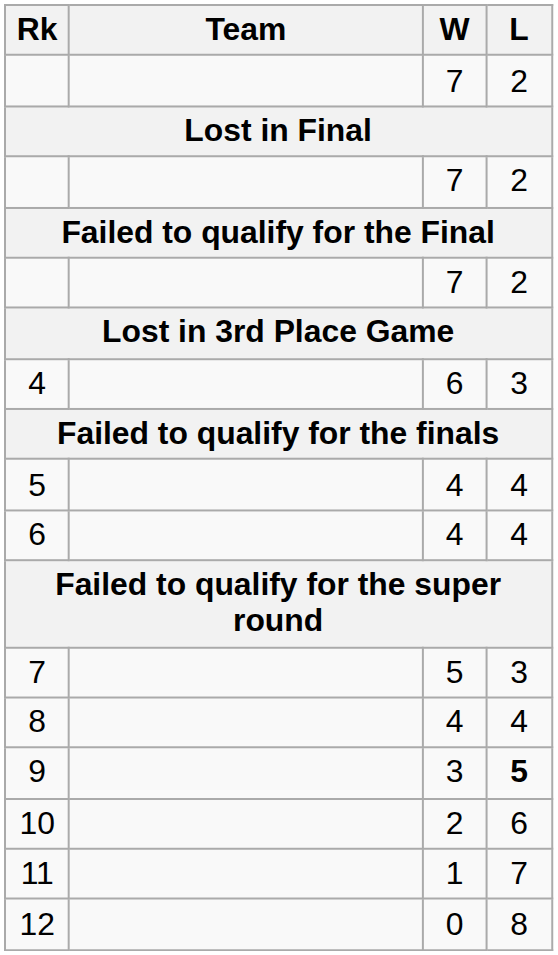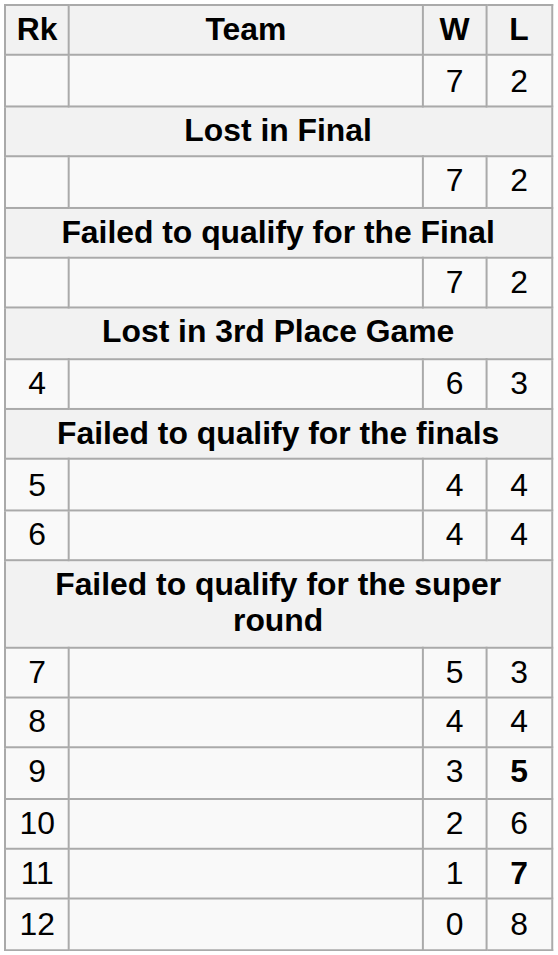 <table class=wikitable style=text-align:center>
 <tr>
 <th width=25>Rk</th>
 <th width=170>Team</th>
 <th width=25>W</th>
 <th width=25>L</th>
 </tr>
 <tr>
 <td></td>
 <td align=left></td>
 <td>7</td>
 <td>2</td>
 </tr>
 <tr>
 <th colspan="6">Lost in Final</th>
 </tr>
 <tr>
 <td></td>
 <td align=left></td>
 <td>7</td>
 <td>2</td>
 </tr>
 <tr>
 <th colspan="6">Failed to qualify for the Final</th>
 </tr>
 <tr>
 <td></td>
 <td align=left></td>
 <td>7</td>
 <td>2</td>
 </tr>
 <tr>
 <th colspan="6">Lost in 3rd Place Game</th>
 </tr>
 <tr>
 <td>4</td>
 <td align=left></td>
 <td>6</td>
 <td>3</td>
 </tr>
 <tr>
 <th colspan="6">Failed to qualify for the finals</th>
 </tr>
 <tr>
 <td>5</td>
 <td align=left></td>
 <td>4</td>
 <td>4</td>
 </tr>
 <tr>
 <td>6</td>
 <td align=left></td>
 <td>4</td>
 <td>4</td>
 </tr>
 <tr>
 <th colspan="6">Failed to qualify for the super round</th>
 </tr>
 <tr>
 <td>7</td>
 <td align=left></td>
 <td>5</td>
 <td>3</td>
 </tr>
 <tr>
 <td>8</td>
 <td align=left></td>
 <td>4</td>
 <td>4</td>
 </tr>
 <tr>
 <td>9</td>
 <td align=left></td>
 <td>3</td>
 <td><strong>5</strong></td>
 </tr>
 <tr>
 <td>10</td>
 <td align=left></td>
 <td>2</td>
 <td>6</td>
 </tr>
 <tr>
 <td>11</td>
 <td align=left></td>
 <td>1</td>
-<td>7</td>
+<td><strong>7</strong></td>
 </tr>
 <tr>
 <td>12</td>
 <td align=left></td>
 <td>0</td>
 <td>8</td>
 </tr>
 </table>
